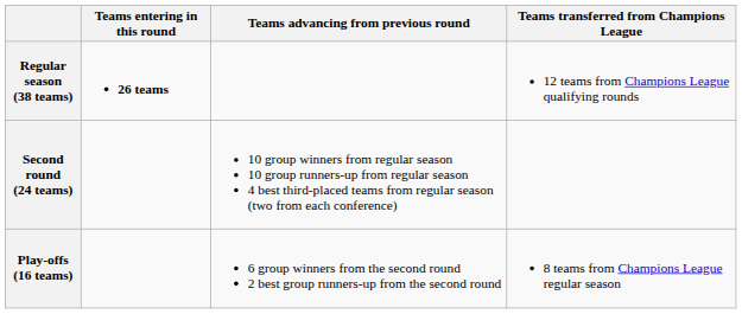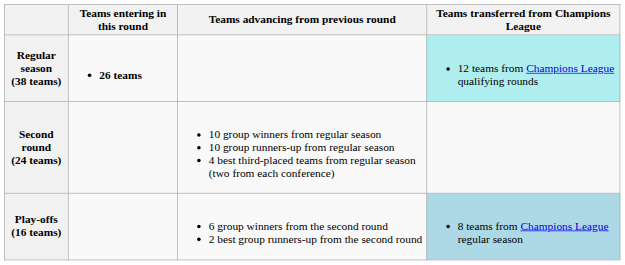 <table class="wikitable">
 <tr>
 <th colspan=2></th>
 <th>Teams entering in this round</th>
 <th>Teams advancing from previous round</th>
 <th>Teams transferred from Champions League</th>
 </tr>
 <tr>
 <th colspan=2>Regular season<br>(38 teams)</th>
 <td><strong><br><ul><li>26 teams</li></ul></strong></td>
 <td></td>
-<td><br><ul><li>12 teams from <a href='#'>Champions League</a> qualifying rounds</li></ul></td>
+<td style="background: paleturquoise;"><br><ul><li>12 teams from <a href='#'>Champions League</a> qualifying rounds</li></ul></td>
 </tr>
 <tr>
 <th colspan=2>Second round<br>(24 teams)</th>
 <td></td>
 <td><br><ul><li>10 group winners from regular season</li><li>10 group runners-up from regular season</li><li>4 best third-placed teams from regular season (two from each conference)</li></ul></td>
 <td></td>
 </tr>
 <tr>
 <th colspan=2>Play-offs<br>(16 teams)</th>
 <td></td>
 <td><br><ul><li>6 group winners from the second round</li><li>2 best group runners-up from the second round</li></ul></td>
-<td><br><ul><li>8 teams from <a href='#'>Champions League</a> regular season</li></ul></td>
+<td style="background: lightblue;"><br><ul><li>8 teams from <a href='#'>Champions League</a> regular season</li></ul></td>
 </tr>
 </table>
